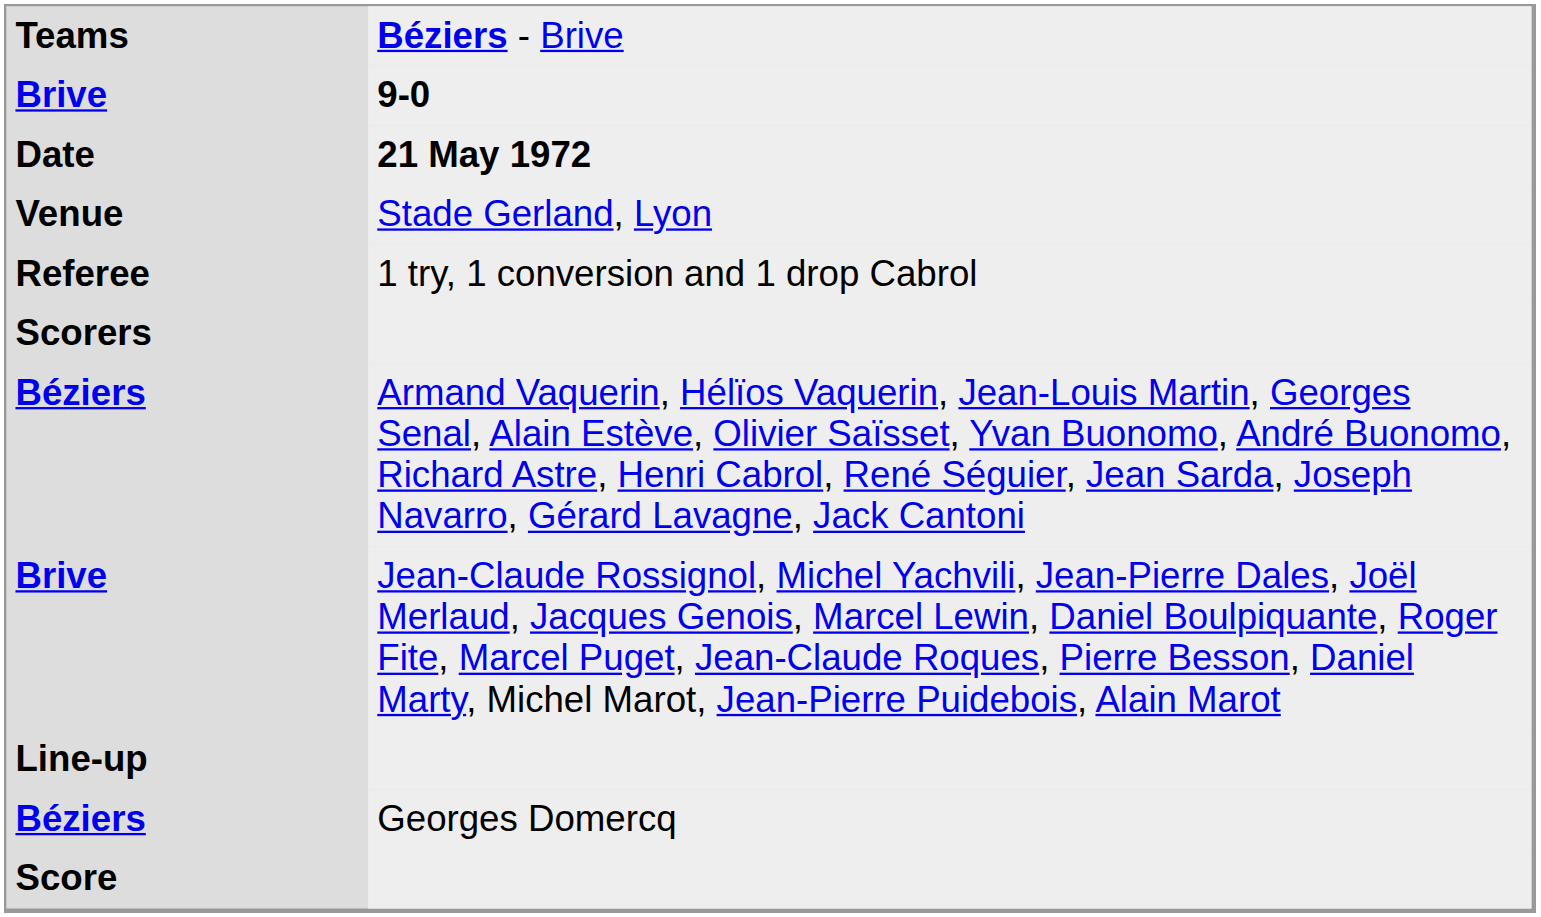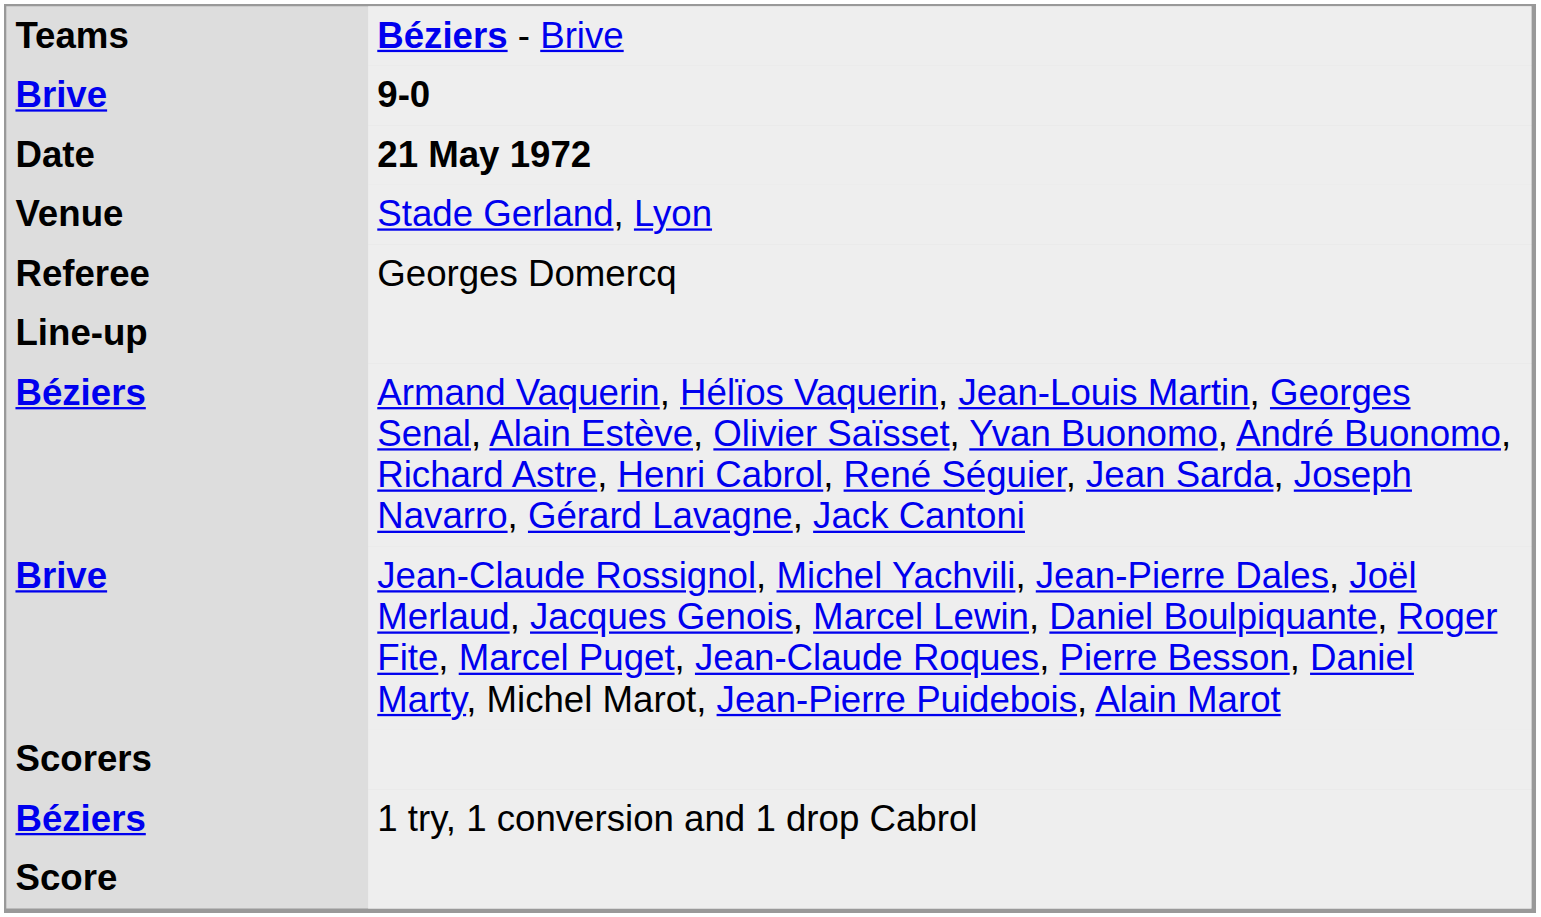 <table align="left" cellpadding="4" cellspacing="0"  style="margin: 0 0 0 0; border: 1px solid #999; border-right-width: 2px; border-bottom-width: 2px; background-color: #DDDDDD">
 <tr>
 <td width="150" valign="top"><strong>Teams</strong></td>
 <td width="500" bgcolor=#EEEEEE><strong><a href='#'>Béziers</a> </strong> - <a href='#'>Brive</a></td>
 </tr>
 <tr>
 <td valign="top"><strong><a href='#'>Brive</a></strong></td>
 <td bgcolor=#EEEEEE><strong>9-0</strong></td>
 </tr>
 <tr>
 <td valign="top"><strong>Date</strong></td>
 <td bgcolor=#EEEEEE><strong>21 May 1972</strong></td>
 </tr>
 <tr>
 <td valign="top"><strong>Venue</strong></td>
 <td bgcolor=#EEEEEE><a href='#'>Stade Gerland</a>, <a href='#'>Lyon</a></td>
 </tr>
 <tr>
 <td valign="top"><strong>Referee</strong></td>
-<td bgcolor=#EEEEEE>1 try, 1 conversion and 1 drop Cabrol</td>
+<td bgcolor=#EEEEEE>Georges Domercq</td>
 </tr>
 <tr>
-<td valign="top"><strong>Scorers</strong></td>
+<td valign="top"><strong>Line-up</strong></td>
 <td bgcolor=#EEEEEE></td>
 </tr>
 <tr>
 <td valign="top"><strong> <a href='#'>Béziers</a> </strong></td>
 <td bgcolor=#EEEEEE><a href='#'>Armand Vaquerin</a>, <a href='#'>Hélïos Vaquerin</a>, <a href='#'>Jean-Louis Martin</a>, <a href='#'>Georges Senal</a>, <a href='#'>Alain Estève</a>, <a href='#'>Olivier Saïsset</a>, <a href='#'>Yvan Buonomo</a>, <a href='#'>André Buonomo</a>, <a href='#'>Richard Astre</a>, <a href='#'>Henri Cabrol</a>, <a href='#'>René Séguier</a>, <a href='#'>Jean Sarda</a>, <a href='#'>Joseph Navarro</a>, <a href='#'>Gérard Lavagne</a>, <a href='#'>Jack Cantoni</a></td>
 </tr>
 <tr>
 <td valign="top"><strong><a href='#'>Brive</a></strong></td>
 <td bgcolor=#EEEEEE><a href='#'>Jean-Claude Rossignol</a>, <a href='#'>Michel Yachvili</a>, <a href='#'>Jean-Pierre Dales</a>, <a href='#'>Joël Merlaud</a>, <a href='#'>Jacques Genois</a>, <a href='#'>Marcel Lewin</a>, <a href='#'>Daniel Boulpiquante</a>, <a href='#'>Roger Fite</a>, <a href='#'>Marcel Puget</a>, <a href='#'>Jean-Claude Roques</a>, <a href='#'>Pierre Besson</a>, <a href='#'>Daniel Marty</a>, Michel Marot, <a href='#'>Jean-Pierre Puidebois</a>, <a href='#'>Alain Marot</a></td>
 </tr>
 <tr>
-<td valign="top"><strong>Line-up</strong></td>
+<td valign="top"><strong>Scorers</strong></td>
 <td bgcolor=#EEEEEE></td>
 </tr>
 <tr>
 <td valign="top"><strong> <a href='#'>Béziers</a> </strong></td>
-<td bgcolor=#EEEEEE>Georges Domercq</td>
+<td bgcolor=#EEEEEE>1 try, 1 conversion and 1 drop Cabrol</td>
 </tr>
 <tr>
 <td valign="top"><strong>Score</strong></td>
 <td bgcolor=#EEEEEE></td>
 </tr>
 </table>
